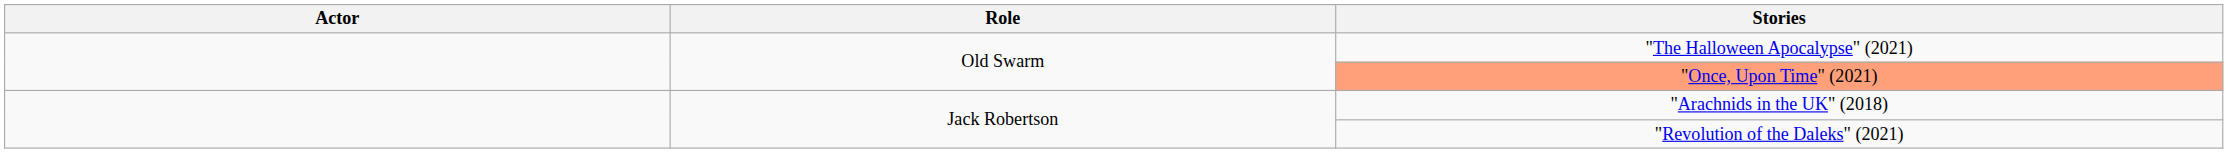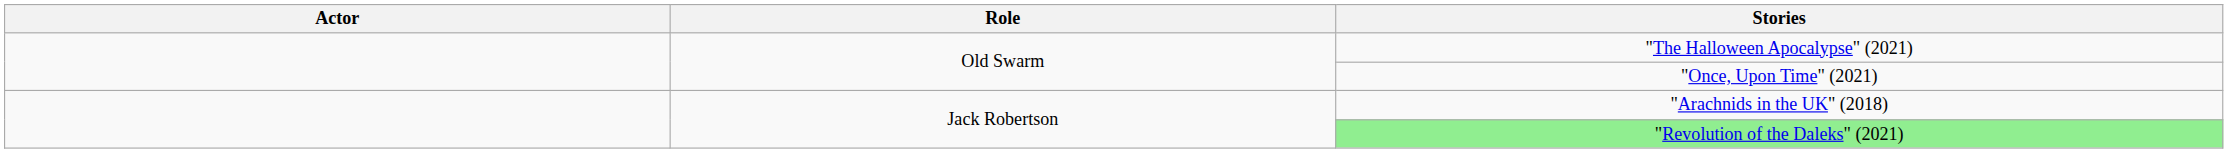 <table class="wikitable plainrowheaders sortable" style="text-align:center; width:99%;">
 <tr>
 <th style="width:30%;">Actor</th>
 <th scope="col" style="width:30%;">Role</th>
 <th scope="col" style="width:40%;">Stories</th>
 </tr>
 <tr>
 <td scope="row" rowspan="2"></td>
 <td rowspan="2">Old Swarm</td>
 <td data-sort-value="297a">"<a href='#'>The Halloween Apocalypse</a>" (2021)</td>
 </tr>
 <tr>
-<td data-sort-value="297c" style="background: lightsalmon;">"<a href='#'>Once, Upon Time</a>" (2021)</td>
+<td data-sort-value="297c">"<a href='#'>Once, Upon Time</a>" (2021)</td>
 </tr>
 <tr>
 <td scope="row" rowspan="2"></td>
 <td rowspan="2">Jack Robertson</td>
 <td data-sort-value="280">"<a href='#'>Arachnids in the UK</a>" (2018)</td>
 </tr>
 <tr>
-<td data-sort-value="296">"<a href='#'>Revolution of the Daleks</a>" (2021)</td>
+<td data-sort-value="296" style="background: lightgreen;">"<a href='#'>Revolution of the Daleks</a>" (2021)</td>
 </tr>
 </table>
